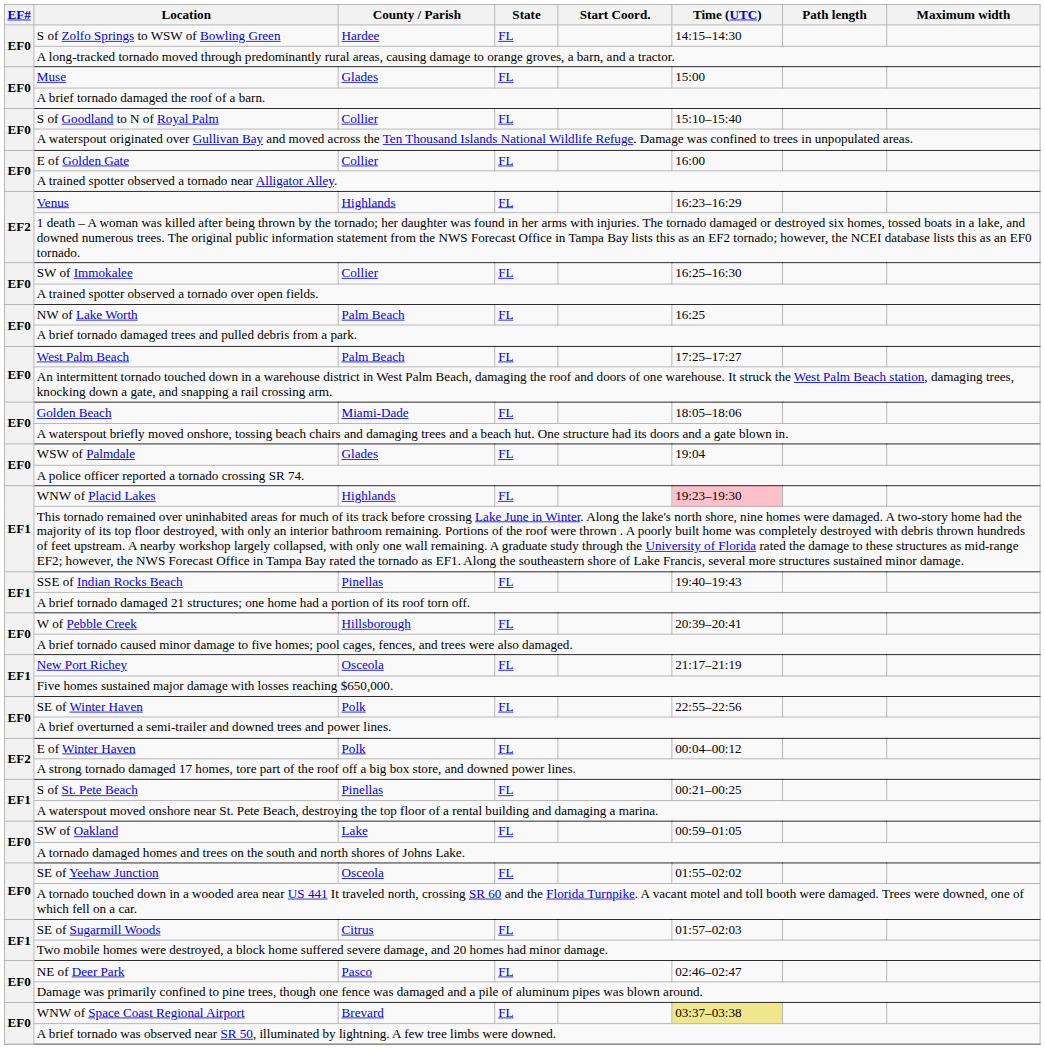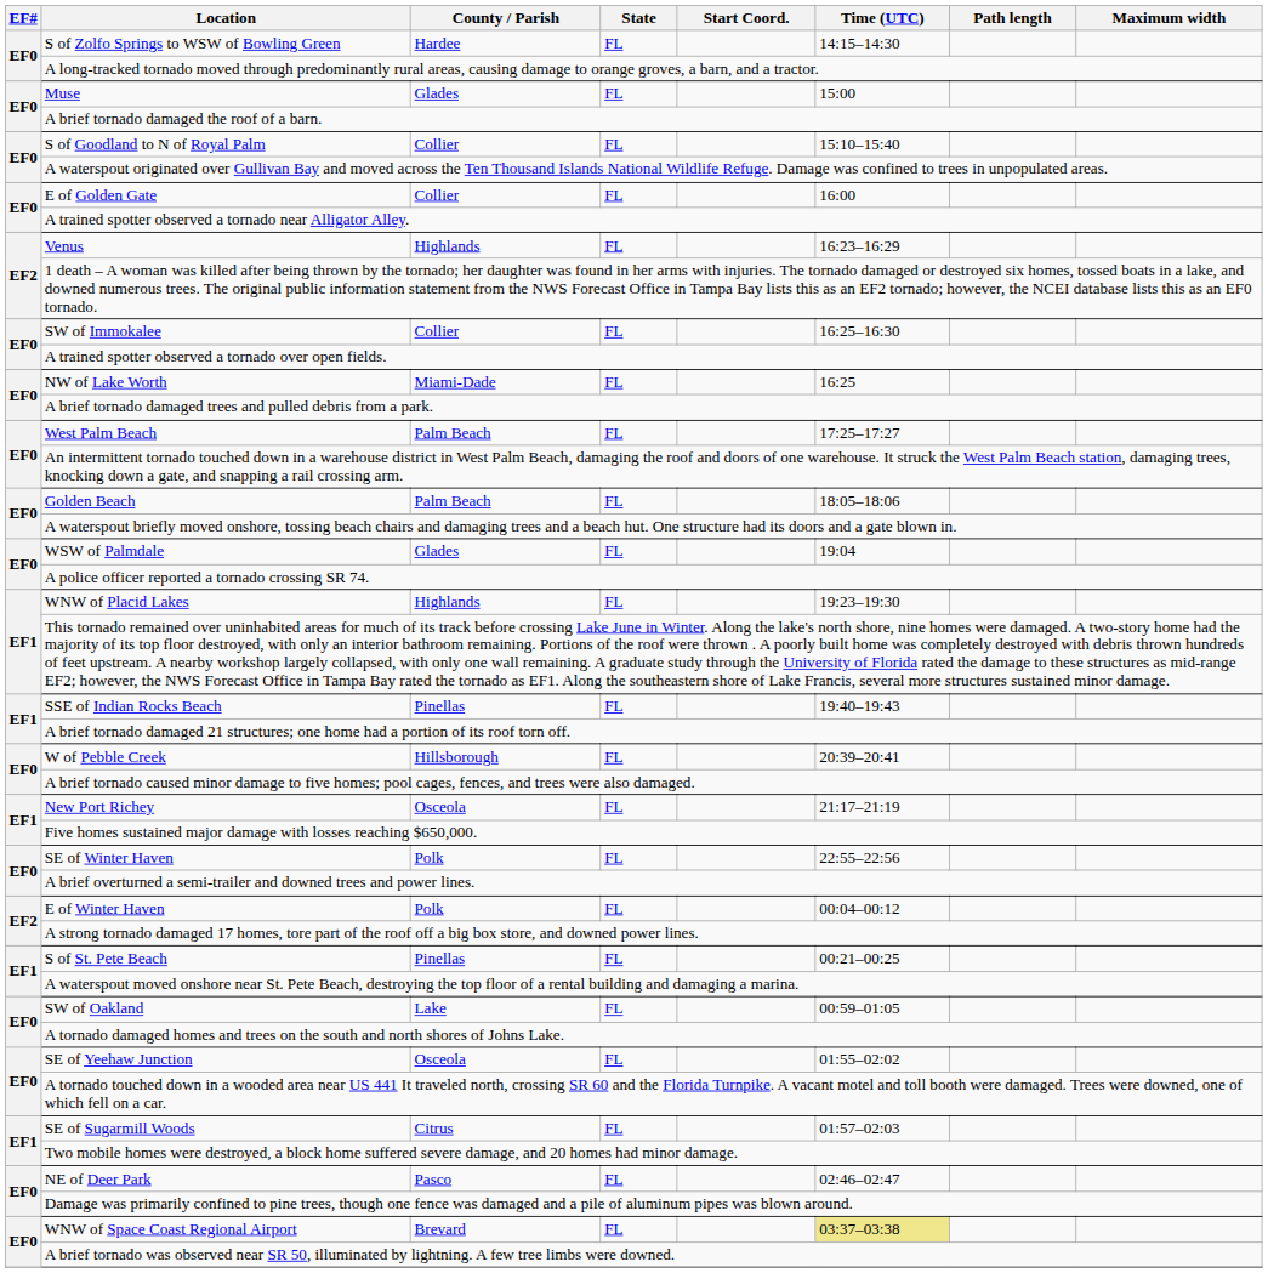 <table class="wikitable sortable" style="width:100%;">
 <tr>
 <th scope="col" width="2%" align="center"><a href='#'>EF#</a></th>
 <th scope="col" align="center" class="unsortable">Location</th>
 <th scope="col" align="center" class="unsortable">County / Parish</th>
 <th scope="col" align="center">State</th>
 <th scope="col" align="center">Start Coord.</th>
 <th scope="col" align="center">Time (<a href='#'>UTC</a>)</th>
 <th scope="col" align="center">Path length</th>
 <th scope="col" align="center">Maximum width</th>
 </tr>
 <tr>
 <th scope="row" rowspan="2" style="background-color:#">EF0</th>
 <td>S of <a href='#'>Zolfo Springs</a> to WSW of <a href='#'>Bowling Green</a></td>
 <td><a href='#'>Hardee</a></td>
 <td><a href='#'>FL</a></td>
 <td></td>
 <td>14:15–14:30</td>
 <td></td>
 <td></td>
 </tr>
 <tr class="expand-child">
 <td colspan="8" style=" border-bottom: 1px solid black;">A long-tracked tornado moved through predominantly rural areas, causing damage to orange groves, a barn, and a tractor.</td>
 </tr>
 <tr>
 <th scope="row" rowspan="2" style="background-color:#">EF0</th>
 <td><a href='#'>Muse</a></td>
 <td><a href='#'>Glades</a></td>
 <td><a href='#'>FL</a></td>
 <td></td>
 <td>15:00</td>
 <td></td>
 <td></td>
 </tr>
 <tr class="expand-child">
 <td colspan="8" style=" border-bottom: 1px solid black;">A brief tornado damaged the roof of a barn.</td>
 </tr>
 <tr>
 <th scope="row" rowspan="2" style="background-color:#">EF0</th>
 <td>S of <a href='#'>Goodland</a> to N of <a href='#'>Royal Palm</a></td>
 <td><a href='#'>Collier</a></td>
 <td><a href='#'>FL</a></td>
 <td></td>
 <td>15:10–15:40</td>
 <td></td>
 <td></td>
 </tr>
 <tr class="expand-child">
 <td colspan="8" style=" border-bottom: 1px solid black;">A waterspout originated over <a href='#'>Gullivan Bay</a> and moved across the <a href='#'>Ten Thousand Islands National Wildlife Refuge</a>. Damage was confined to trees in unpopulated areas.</td>
 </tr>
 <tr>
 <th scope="row" rowspan="2" style="background-color:#">EF0</th>
 <td>E of <a href='#'>Golden Gate</a></td>
 <td><a href='#'>Collier</a></td>
 <td><a href='#'>FL</a></td>
 <td></td>
 <td>16:00</td>
 <td></td>
 <td></td>
 </tr>
 <tr class="expand-child">
 <td colspan="8" style=" border-bottom: 1px solid black;">A trained spotter observed a tornado near <a href='#'>Alligator Alley</a>.</td>
 </tr>
 <tr>
 <th scope="row" rowspan="2" style="background-color:#">EF2</th>
 <td><a href='#'>Venus</a></td>
 <td><a href='#'>Highlands</a></td>
 <td><a href='#'>FL</a></td>
 <td></td>
 <td>16:23–16:29</td>
 <td></td>
 <td></td>
 </tr>
 <tr class="expand-child">
 <td colspan="8" style=" border-bottom: 1px solid black;">1 death – A woman was killed after being thrown  by the tornado; her daughter was found in her arms with injuries. The tornado damaged or destroyed six homes, tossed boats in a lake, and downed numerous trees. The original public information statement from the NWS Forecast Office in Tampa Bay lists this as an EF2 tornado; however, the NCEI database lists this as an EF0 tornado.</td>
 </tr>
 <tr>
 <th scope="row" rowspan="2" style="background-color:#">EF0</th>
 <td>SW of <a href='#'>Immokalee</a></td>
 <td><a href='#'>Collier</a></td>
 <td><a href='#'>FL</a></td>
 <td></td>
 <td>16:25–16:30</td>
 <td></td>
 <td></td>
 </tr>
 <tr class="expand-child">
 <td colspan="8" style=" border-bottom: 1px solid black;">A trained spotter observed a tornado over open fields.</td>
 </tr>
 <tr>
 <th scope="row" rowspan="2" style="background-color:#">EF0</th>
 <td>NW of <a href='#'>Lake Worth</a></td>
-<td><a href='#'>Palm Beach</a></td>
+<td><a href='#'>Miami-Dade</a></td>
 <td><a href='#'>FL</a></td>
 <td></td>
 <td>16:25</td>
 <td></td>
 <td></td>
 </tr>
 <tr class="expand-child">
 <td colspan="8" style=" border-bottom: 1px solid black;">A brief tornado damaged trees and pulled debris from a park.</td>
 </tr>
 <tr>
 <th scope="row" rowspan="2" style="background-color:#">EF0</th>
 <td><a href='#'>West Palm Beach</a></td>
 <td><a href='#'>Palm Beach</a></td>
 <td><a href='#'>FL</a></td>
 <td></td>
 <td>17:25–17:27</td>
 <td></td>
 <td></td>
 </tr>
 <tr class="expand-child">
 <td colspan="8" style=" border-bottom: 1px solid black;">An intermittent tornado touched down in a warehouse district in West Palm Beach, damaging the roof and doors of one warehouse. It struck the <a href='#'>West Palm Beach station</a>, damaging trees, knocking down a gate, and snapping a rail crossing arm.</td>
 </tr>
 <tr>
 <th scope="row" rowspan="2" style="background-color:#">EF0</th>
 <td><a href='#'>Golden Beach</a></td>
-<td><a href='#'>Miami-Dade</a></td>
+<td><a href='#'>Palm Beach</a></td>
 <td><a href='#'>FL</a></td>
 <td></td>
 <td>18:05–18:06</td>
 <td></td>
 <td></td>
 </tr>
 <tr class="expand-child">
 <td colspan="8" style=" border-bottom: 1px solid black;">A waterspout briefly moved onshore, tossing beach chairs and damaging trees and a beach hut. One structure had its doors and a gate blown in.</td>
 </tr>
 <tr>
 <th scope="row" rowspan="2" style="background-color:#">EF0</th>
 <td>WSW of <a href='#'>Palmdale</a></td>
 <td><a href='#'>Glades</a></td>
 <td><a href='#'>FL</a></td>
 <td></td>
 <td>19:04</td>
 <td></td>
 <td></td>
 </tr>
 <tr class="expand-child">
 <td colspan="8" style=" border-bottom: 1px solid black;">A police officer reported a tornado crossing SR 74.</td>
 </tr>
 <tr>
 <th scope="row" rowspan="2" style="background-color:#">EF1</th>
 <td>WNW of <a href='#'>Placid Lakes</a></td>
 <td><a href='#'>Highlands</a></td>
 <td><a href='#'>FL</a></td>
 <td></td>
-<td style="background: pink;">19:23–19:30</td>
+<td>19:23–19:30</td>
 <td></td>
 <td></td>
 </tr>
 <tr class="expand-child">
 <td colspan="8" style=" border-bottom: 1px solid black;">This tornado remained over uninhabited areas for much of its track before crossing <a href='#'>Lake June in Winter</a>. Along the lake's north shore, nine homes were damaged. A two-story home had the majority of its top floor destroyed, with only an interior bathroom remaining. Portions of the roof were thrown . A poorly built home was completely destroyed with debris thrown hundreds of feet upstream. A nearby workshop largely collapsed, with only one wall remaining. A graduate study through the <a href='#'>University of Florida</a> rated the damage to these structures as mid-range EF2; however, the NWS Forecast Office in Tampa Bay rated the tornado as EF1. Along the southeastern shore of Lake Francis, several more structures sustained minor damage.</td>
 </tr>
 <tr>
 <th scope="row" rowspan="2" style="background-color:#">EF1</th>
 <td>SSE of <a href='#'>Indian Rocks Beach</a></td>
 <td><a href='#'>Pinellas</a></td>
 <td><a href='#'>FL</a></td>
 <td></td>
 <td>19:40–19:43</td>
 <td></td>
 <td></td>
 </tr>
 <tr class="expand-child">
 <td colspan="8" style=" border-bottom: 1px solid black;">A brief tornado damaged 21 structures; one home had a portion of its roof torn off.</td>
 </tr>
 <tr>
 <th scope="row" rowspan="2" style="background-color:#">EF0</th>
 <td>W of <a href='#'>Pebble Creek</a></td>
 <td><a href='#'>Hillsborough</a></td>
 <td><a href='#'>FL</a></td>
 <td></td>
 <td>20:39–20:41</td>
 <td></td>
 <td></td>
 </tr>
 <tr class="expand-child">
 <td colspan="8" style=" border-bottom: 1px solid black;">A brief tornado caused minor damage to five homes; pool cages, fences, and trees were also damaged.</td>
 </tr>
 <tr>
 <th scope="row" rowspan="2" style="background-color:#">EF1</th>
 <td><a href='#'>New Port Richey</a></td>
 <td><a href='#'>Osceola</a></td>
 <td><a href='#'>FL</a></td>
 <td></td>
 <td>21:17–21:19</td>
 <td></td>
 <td></td>
 </tr>
 <tr class="expand-child">
 <td colspan="8" style=" border-bottom: 1px solid black;">Five homes sustained major damage with losses reaching $650,000.</td>
 </tr>
 <tr>
 <th scope="row" rowspan="2" style="background-color:#">EF0</th>
 <td>SE of <a href='#'>Winter Haven</a></td>
 <td><a href='#'>Polk</a></td>
 <td><a href='#'>FL</a></td>
 <td></td>
 <td>22:55–22:56</td>
 <td></td>
 <td></td>
 </tr>
 <tr class="expand-child">
 <td colspan="8" style=" border-bottom: 1px solid black;">A brief overturned a semi-trailer and downed trees and power lines.</td>
 </tr>
 <tr>
 <th scope="row" rowspan="2" style="background-color:#">EF2</th>
 <td>E of <a href='#'>Winter Haven</a></td>
 <td><a href='#'>Polk</a></td>
 <td><a href='#'>FL</a></td>
 <td></td>
 <td>00:04–00:12</td>
 <td></td>
 <td></td>
 </tr>
 <tr class="expand-child">
 <td colspan="8" style=" border-bottom: 1px solid black;">A strong tornado damaged 17 homes, tore part of the roof off a big box store, and downed power lines.</td>
 </tr>
 <tr>
 <th scope="row" rowspan="2" style="background-color:#">EF1</th>
 <td>S of <a href='#'>St. Pete Beach</a></td>
 <td><a href='#'>Pinellas</a></td>
 <td><a href='#'>FL</a></td>
 <td></td>
 <td>00:21–00:25</td>
 <td></td>
 <td></td>
 </tr>
 <tr class="expand-child">
 <td colspan="8" style=" border-bottom: 1px solid black;">A waterspout moved onshore near St. Pete Beach, destroying the top floor of a rental building and damaging a marina.</td>
 </tr>
 <tr>
 <th scope="row" rowspan="2" style="background-color:#">EF0</th>
 <td>SW of <a href='#'>Oakland</a></td>
 <td><a href='#'>Lake</a></td>
 <td><a href='#'>FL</a></td>
 <td></td>
 <td>00:59–01:05</td>
 <td></td>
 <td></td>
 </tr>
 <tr class="expand-child">
 <td colspan="8" style=" border-bottom: 1px solid black;">A tornado damaged homes and trees on the south and north shores of Johns Lake.</td>
 </tr>
 <tr>
 <th scope="row" rowspan="2" style="background-color:#">EF0</th>
 <td>SE of <a href='#'>Yeehaw Junction</a></td>
 <td><a href='#'>Osceola</a></td>
 <td><a href='#'>FL</a></td>
 <td></td>
 <td>01:55–02:02</td>
 <td></td>
 <td></td>
 </tr>
 <tr class="expand-child">
 <td colspan="8" style=" border-bottom: 1px solid black;">A tornado touched down in a wooded area near <a href='#'>US 441</a> It traveled north, crossing <a href='#'>SR 60</a> and the <a href='#'>Florida Turnpike</a>. A vacant motel and toll booth were damaged. Trees were downed, one of which fell on a car.</td>
 </tr>
 <tr>
 <th scope="row" rowspan="2" style="background-color:#">EF1</th>
 <td>SE of <a href='#'>Sugarmill Woods</a></td>
 <td><a href='#'>Citrus</a></td>
 <td><a href='#'>FL</a></td>
 <td></td>
 <td>01:57–02:03</td>
 <td></td>
 <td></td>
 </tr>
 <tr class="expand-child">
 <td colspan="8" style=" border-bottom: 1px solid black;">Two mobile homes were destroyed, a block home suffered severe damage, and 20 homes had minor damage.</td>
 </tr>
 <tr>
 <th scope="row" rowspan="2" style="background-color:#">EF0</th>
 <td>NE of <a href='#'>Deer Park</a></td>
 <td><a href='#'>Pasco</a></td>
 <td><a href='#'>FL</a></td>
 <td></td>
 <td>02:46–02:47</td>
 <td></td>
 <td></td>
 </tr>
 <tr class="expand-child">
 <td colspan="8" style=" border-bottom: 1px solid black;">Damage was primarily confined to pine trees, though one fence was damaged and a pile of aluminum pipes was blown around.</td>
 </tr>
 <tr>
 <th scope="row" rowspan="2" style="background-color:#">EF0</th>
 <td>WNW of <a href='#'>Space Coast Regional Airport</a></td>
 <td><a href='#'>Brevard</a></td>
 <td><a href='#'>FL</a></td>
 <td></td>
 <td style="background: khaki;">03:37–03:38</td>
 <td></td>
 <td></td>
 </tr>
 <tr class="expand-child">
 <td colspan="8" style=" border-bottom: 1px solid black;">A brief tornado was observed near <a href='#'>SR 50</a>, illuminated by lightning. A few tree limbs were downed.</td>
 </tr>
 <tr>
 </tr>
 </table>
